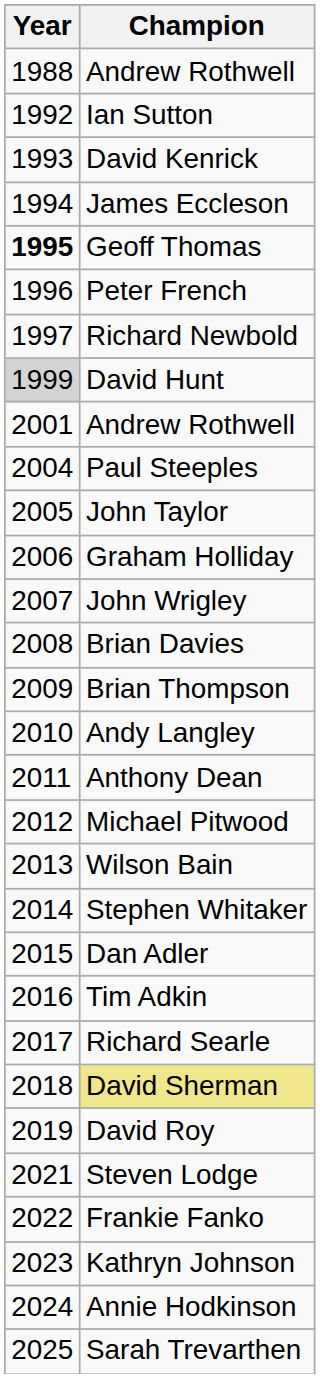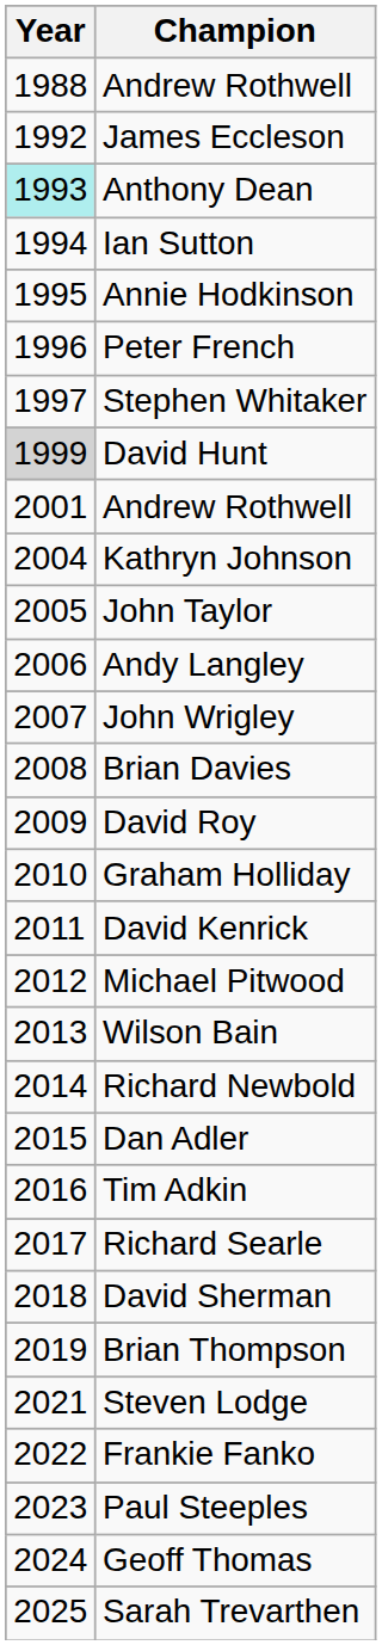 <table class="wikitable">
 <tr>
 <th>Year</th>
 <th>Champion</th>
 </tr>
 <tr>
 <td>1988</td>
 <td>Andrew Rothwell</td>
 </tr>
 <tr>
 <td>1992</td>
+<td>James Eccleson</td>
+</tr>
+<tr>
+<td style="background: paleturquoise;">1993</td>
+<td>Anthony Dean</td>
+</tr>
+<tr>
+<td>1994</td>
 <td>Ian Sutton</td>
 </tr>
 <tr>
-<td>1993</td>
-<td>David Kenrick</td>
-</tr>
-<tr>
-<td>1994</td>
-<td>James Eccleson</td>
-</tr>
-<tr>
-<td><strong>1995</strong></td>
-<td>Geoff Thomas</td>
+<td>1995</td>
+<td>Annie Hodkinson</td>
 </tr>
 <tr>
 <td>1996</td>
 <td>Peter French</td>
 </tr>
 <tr>
 <td>1997</td>
-<td>Richard Newbold</td>
+<td>Stephen Whitaker</td>
 </tr>
 <tr>
 <td style="background: lightgrey;">1999</td>
 <td>David Hunt</td>
 </tr>
 <tr>
 <td>2001</td>
 <td>Andrew Rothwell</td>
 </tr>
 <tr>
 <td>2004</td>
-<td>Paul Steeples</td>
+<td>Kathryn Johnson</td>
 </tr>
 <tr>
 <td>2005</td>
 <td>John Taylor</td>
 </tr>
 <tr>
 <td>2006</td>
-<td>Graham Holliday</td>
+<td>Andy Langley</td>
 </tr>
 <tr>
 <td>2007</td>
 <td>John Wrigley</td>
 </tr>
 <tr>
 <td>2008</td>
 <td>Brian Davies</td>
 </tr>
 <tr>
 <td>2009</td>
-<td>Brian Thompson</td>
+<td>David Roy</td>
 </tr>
 <tr>
 <td>2010</td>
-<td>Andy Langley</td>
+<td>Graham Holliday</td>
 </tr>
 <tr>
 <td>2011</td>
-<td>Anthony Dean</td>
+<td>David Kenrick</td>
 </tr>
 <tr>
 <td>2012</td>
 <td>Michael Pitwood</td>
 </tr>
 <tr>
 <td>2013</td>
 <td>Wilson Bain</td>
 </tr>
 <tr>
 <td>2014</td>
-<td>Stephen Whitaker</td>
+<td>Richard Newbold</td>
 </tr>
 <tr>
 <td>2015</td>
 <td>Dan Adler</td>
 </tr>
 <tr>
 <td>2016</td>
 <td>Tim Adkin</td>
 </tr>
 <tr>
 <td>2017</td>
 <td>Richard Searle</td>
 </tr>
 <tr>
 <td>2018</td>
-<td style="background: khaki;">David Sherman</td>
+<td>David Sherman</td>
 </tr>
 <tr>
 <td>2019</td>
-<td>David Roy</td>
+<td>Brian Thompson</td>
 </tr>
 <tr>
 <td>2021</td>
 <td>Steven Lodge</td>
 </tr>
 <tr>
 <td>2022</td>
 <td>Frankie Fanko</td>
 </tr>
 <tr>
 <td>2023</td>
-<td>Kathryn Johnson</td>
+<td>Paul Steeples</td>
 </tr>
 <tr>
 <td>2024</td>
-<td>Annie Hodkinson</td>
+<td>Geoff Thomas</td>
 </tr>
 <tr>
 <td>2025</td>
 <td>Sarah Trevarthen</td>
 </tr>
 </table>
